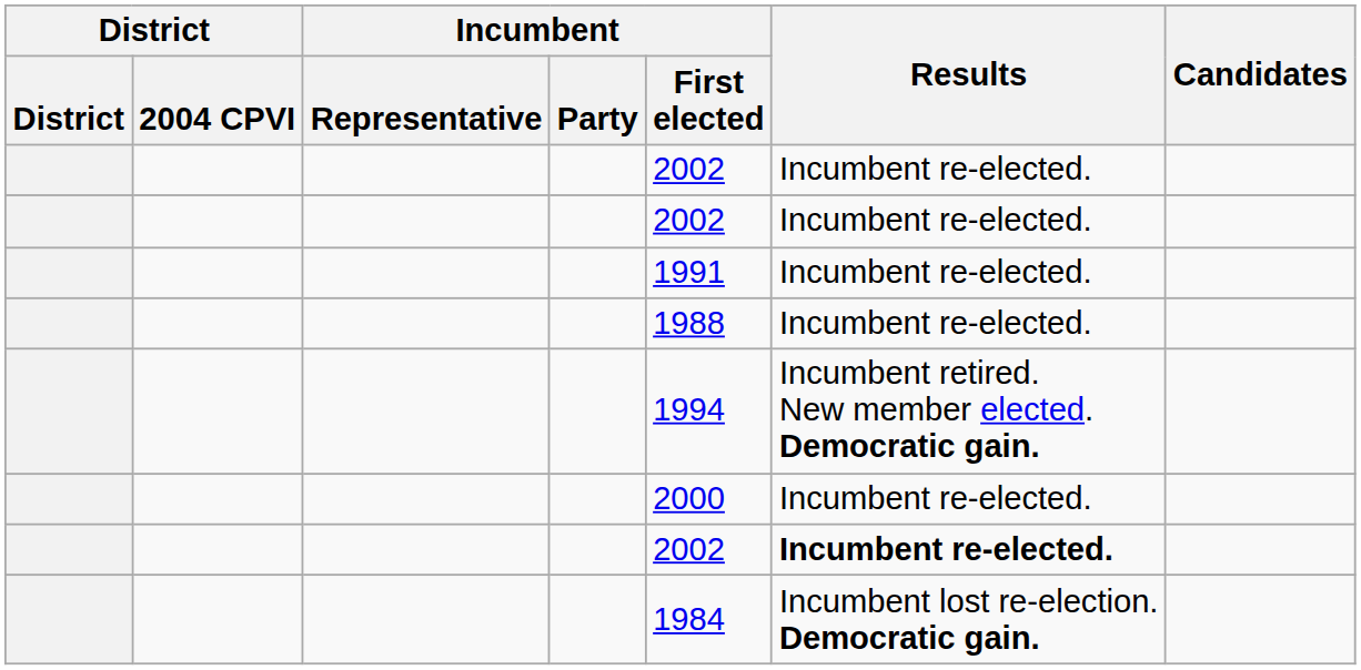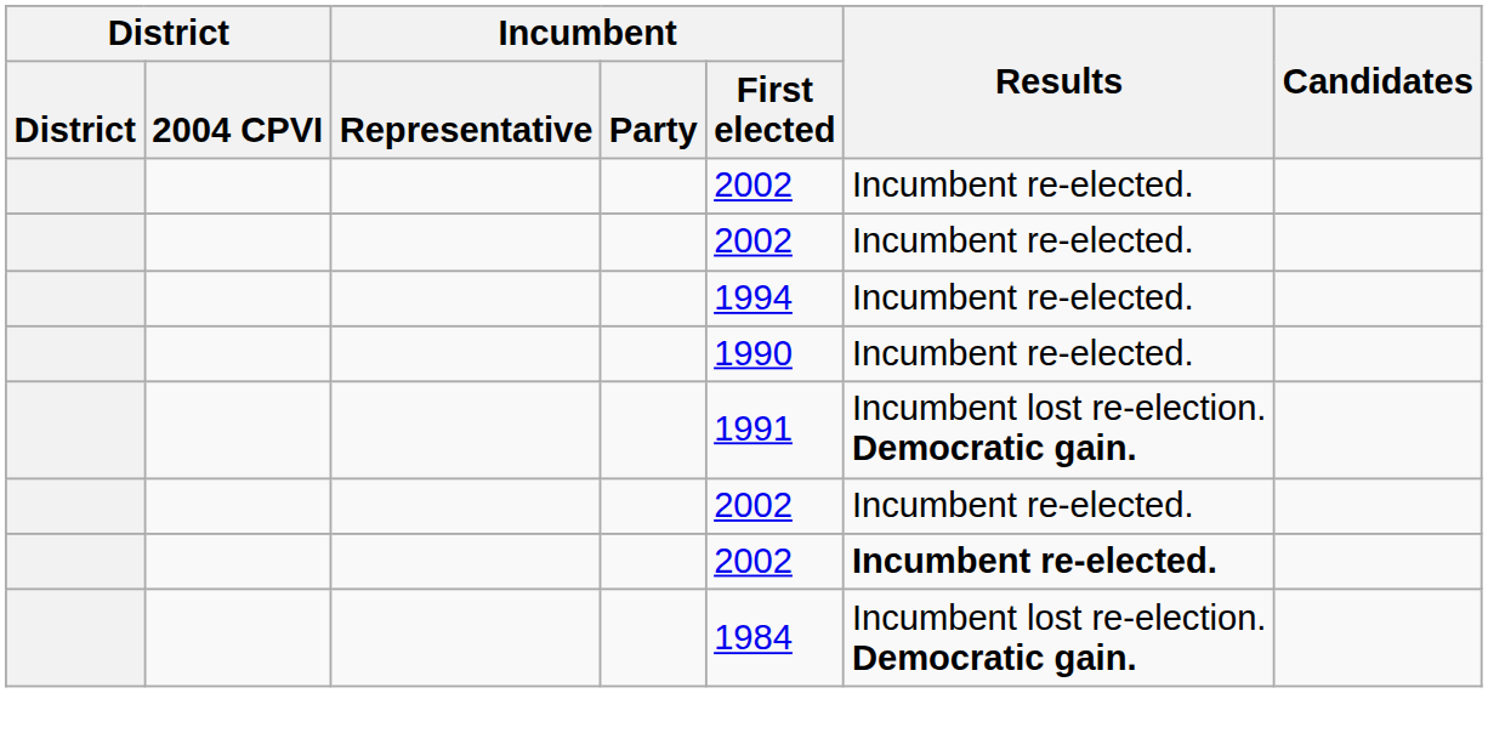 <table class="wikitable sortable">
 <tr>
 <th colspan=2>District</th>
 <th colspan=3>Incumbent</th>
 <th rowspan=2>Results</th>
 <th rowspan=2>Candidates</th>
 </tr>
 <tr valign=bottom>
 <th>District</th>
 <th>2004 CPVI</th>
 <th>Representative</th>
 <th>Party</th>
 <th>First<br>elected</th>
 </tr>
 <tr>
 <th></th>
 <td></td>
 <td></td>
 <td></td>
 <td><a href='#'>2002</a></td>
 <td>Incumbent re-elected.</td>
 <td nowrap></td>
 </tr>
 <tr>
 <th></th>
 <td></td>
 <td></td>
 <td></td>
 <td><a href='#'>2002</a></td>
 <td>Incumbent re-elected.</td>
 <td nowrap></td>
 </tr>
 <tr>
 <th></th>
 <td></td>
 <td></td>
 <td></td>
-<td><a href='#'>1991</a></td>
+<td><a href='#'>1994</a></td>
 <td>Incumbent re-elected.</td>
 <td nowrap></td>
 </tr>
 <tr>
 <th></th>
 <td></td>
 <td></td>
 <td></td>
-<td><a href='#'>1988</a></td>
+<td><a href='#'>1990</a></td>
 <td>Incumbent re-elected.</td>
 <td nowrap></td>
 </tr>
 <tr>
 <th></th>
 <td></td>
 <td></td>
 <td></td>
-<td><a href='#'>1994</a></td>
-<td>Incumbent retired.<br>New member <a href='#'>elected</a>.<br><strong>Democratic gain.</strong></td>
+<td><a href='#'>1991</a></td>
+<td>Incumbent lost re-election.<br><strong>Democratic gain.</strong></td>
 <td nowrap></td>
 </tr>
 <tr>
 <th></th>
 <td></td>
 <td></td>
 <td></td>
-<td><a href='#'>2000</a></td>
+<td><a href='#'>2002</a></td>
 <td>Incumbent re-elected.</td>
 <td nowrap></td>
 </tr>
 <tr>
 <th></th>
 <td></td>
 <td></td>
 <td></td>
 <td><a href='#'>2002</a></td>
 <td><strong>Incumbent re-elected.</strong></td>
 <td nowrap></td>
 </tr>
 <tr>
 <th></th>
 <td></td>
 <td></td>
 <td></td>
 <td><a href='#'>1984</a></td>
 <td>Incumbent lost re-election.<br><strong>Democratic gain.</strong></td>
 <td nowrap></td>
 </tr>
 </table>
